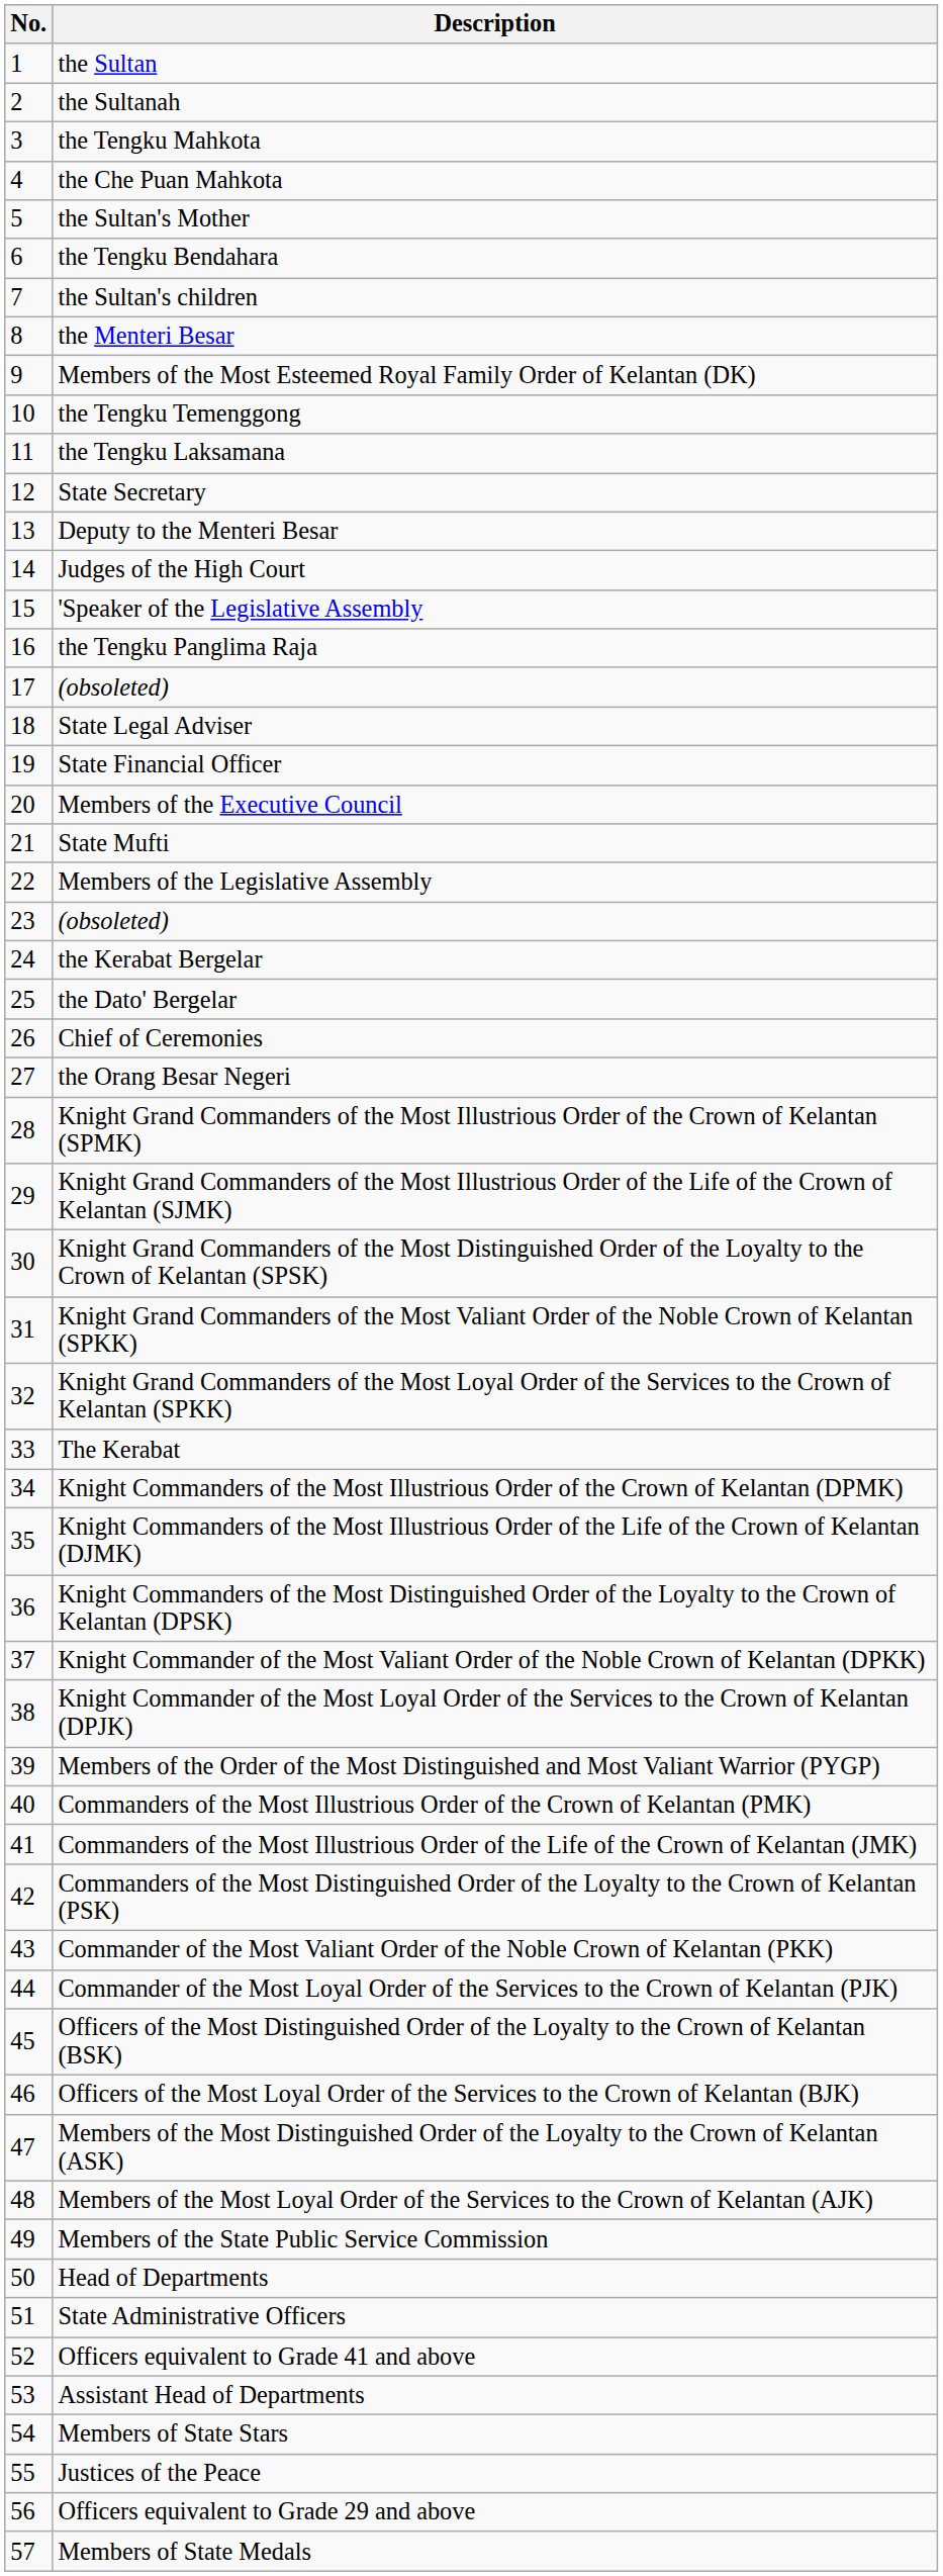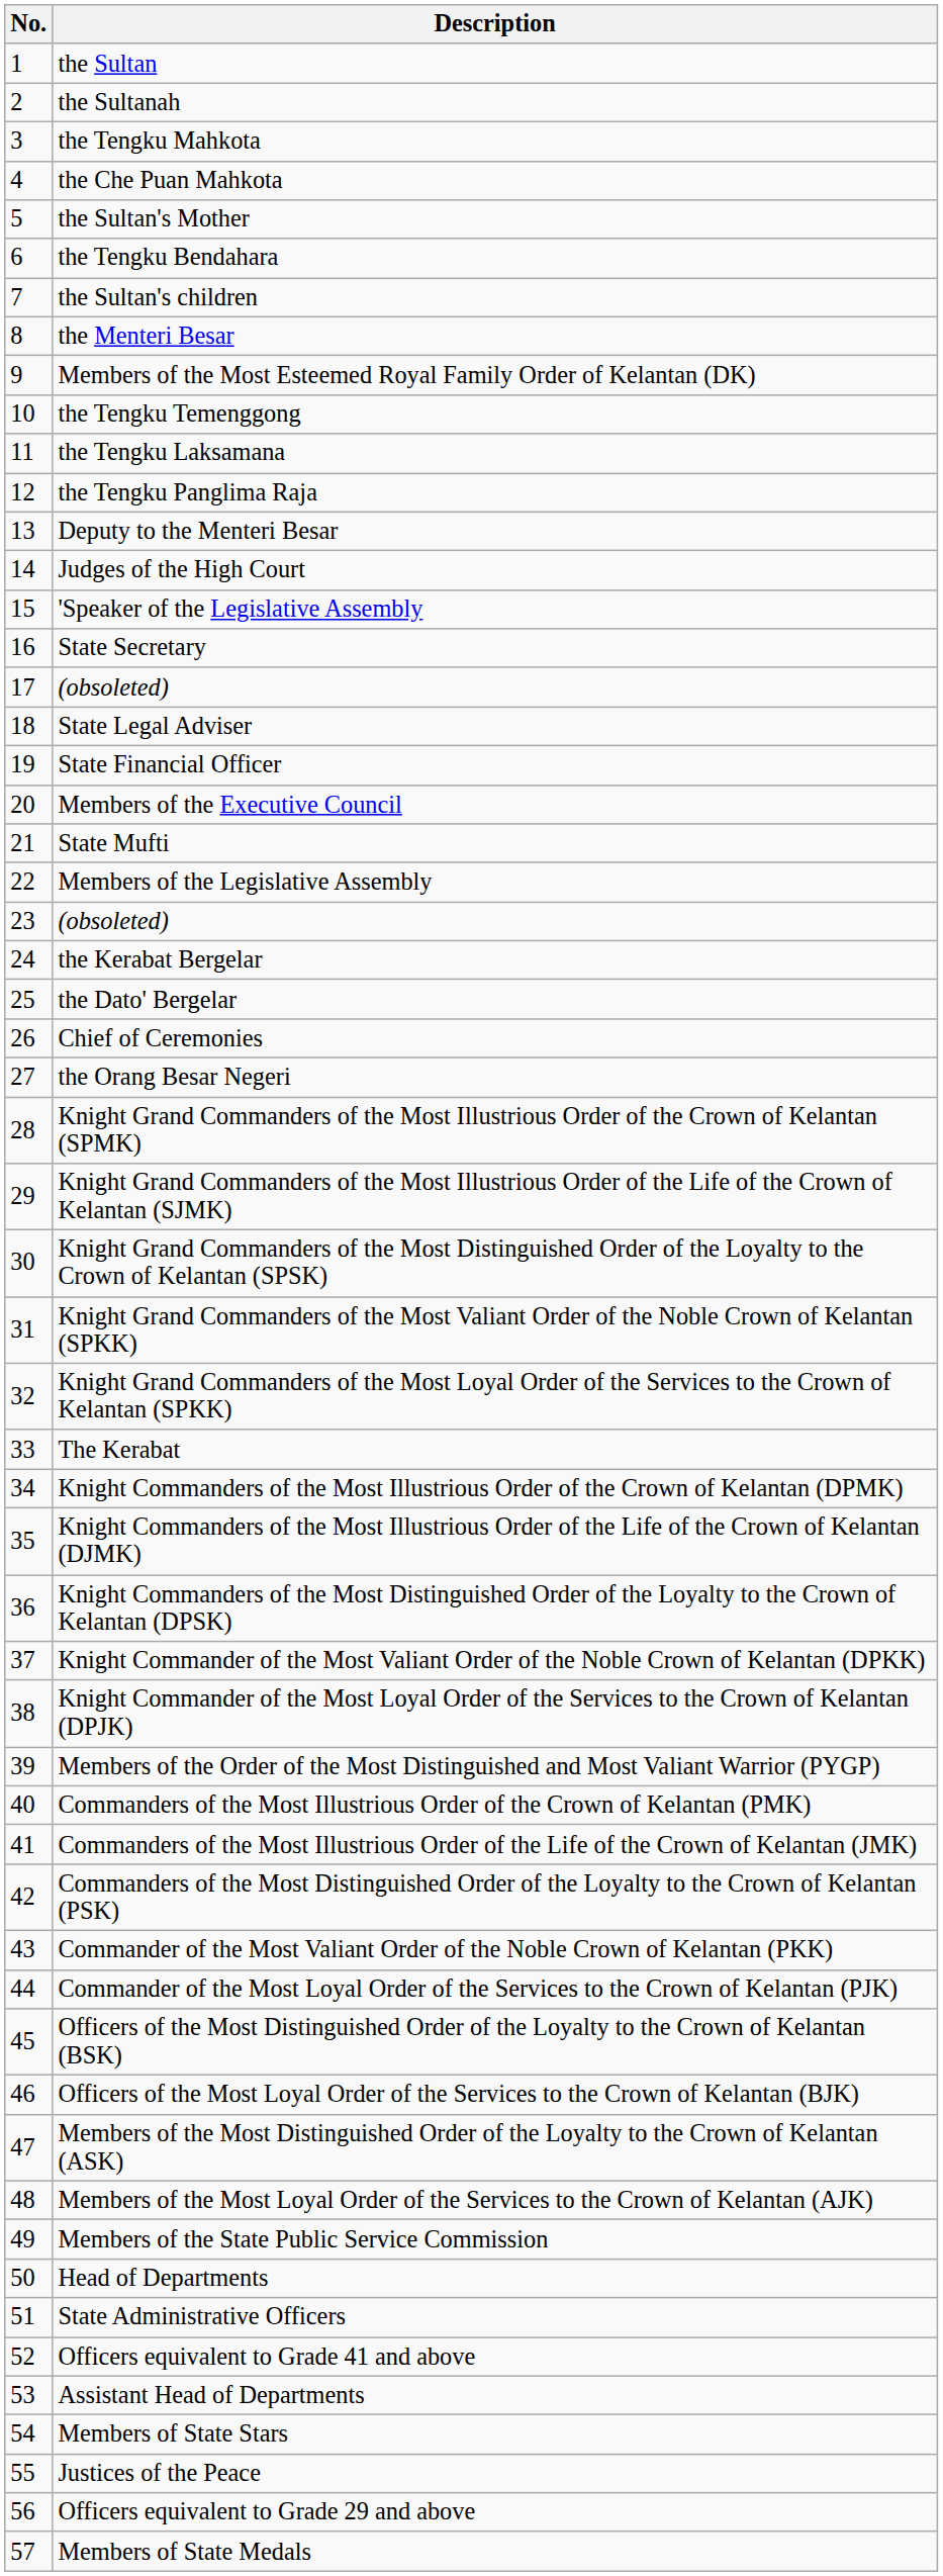 <table class="wikitable">
 <tr>
 <th>No.</th>
 <th>Description</th>
 </tr>
 <tr>
 <td>1</td>
 <td>the <a href='#'>Sultan</a></td>
 </tr>
 <tr>
 <td>2</td>
 <td>the Sultanah</td>
 </tr>
 <tr>
 <td>3</td>
 <td>the Tengku Mahkota</td>
 </tr>
 <tr>
 <td>4</td>
 <td>the Che Puan Mahkota</td>
 </tr>
 <tr>
 <td>5</td>
 <td>the Sultan's Mother</td>
 </tr>
 <tr>
 <td>6</td>
 <td>the Tengku Bendahara</td>
 </tr>
 <tr>
 <td>7</td>
 <td>the Sultan's children</td>
 </tr>
 <tr>
 <td>8</td>
 <td>the <a href='#'>Menteri Besar</a></td>
 </tr>
 <tr>
 <td>9</td>
 <td>Members of the Most Esteemed Royal Family Order of Kelantan (DK)</td>
 </tr>
 <tr>
 <td>10</td>
 <td>the Tengku Temenggong</td>
 </tr>
 <tr>
 <td>11</td>
 <td>the Tengku Laksamana</td>
 </tr>
 <tr>
 <td>12</td>
-<td>State Secretary</td>
+<td>the Tengku Panglima Raja</td>
 </tr>
 <tr>
 <td>13</td>
 <td>Deputy to the Menteri Besar</td>
 </tr>
 <tr>
 <td>14</td>
 <td>Judges of the High Court</td>
 </tr>
 <tr>
 <td>15</td>
 <td>'Speaker of the <a href='#'>Legislative Assembly</a></td>
 </tr>
 <tr>
 <td>16</td>
-<td>the Tengku Panglima Raja</td>
+<td>State Secretary</td>
 </tr>
 <tr>
 <td>17</td>
 <td><em>(obsoleted)</em></td>
 </tr>
 <tr>
 <td>18</td>
 <td>State Legal Adviser</td>
 </tr>
 <tr>
 <td>19</td>
 <td>State Financial Officer</td>
 </tr>
 <tr>
 <td>20</td>
 <td>Members of the <a href='#'>Executive Council</a></td>
 </tr>
 <tr>
 <td>21</td>
 <td>State Mufti</td>
 </tr>
 <tr>
 <td>22</td>
 <td>Members of the Legislative Assembly</td>
 </tr>
 <tr>
 <td>23</td>
 <td><em>(obsoleted)</em></td>
 </tr>
 <tr>
 <td>24</td>
 <td>the Kerabat Bergelar</td>
 </tr>
 <tr>
 <td>25</td>
 <td>the Dato' Bergelar</td>
 </tr>
 <tr>
 <td>26</td>
 <td>Chief of Ceremonies</td>
 </tr>
 <tr>
 <td>27</td>
 <td>the Orang Besar Negeri</td>
 </tr>
 <tr>
 <td>28</td>
 <td>Knight Grand Commanders of the Most Illustrious Order of the Crown of Kelantan (SPMK)</td>
 </tr>
 <tr>
 <td>29</td>
 <td>Knight Grand Commanders of the Most Illustrious Order of the Life of the Crown of Kelantan (SJMK)</td>
 </tr>
 <tr>
 <td>30</td>
 <td>Knight Grand Commanders of the Most Distinguished Order of the Loyalty to the Crown of Kelantan (SPSK)</td>
 </tr>
 <tr>
 <td>31</td>
 <td>Knight Grand Commanders of the Most Valiant Order of the Noble Crown of Kelantan (SPKK)</td>
 </tr>
 <tr>
 <td>32</td>
 <td>Knight Grand Commanders of the Most Loyal Order of the Services to the Crown of Kelantan (SPKK)</td>
 </tr>
 <tr>
 <td>33</td>
 <td>The Kerabat</td>
 </tr>
 <tr>
 <td>34</td>
 <td>Knight Commanders of the Most Illustrious Order of the Crown of Kelantan (DPMK)</td>
 </tr>
 <tr>
 <td>35</td>
 <td>Knight Commanders of the Most Illustrious Order of the Life of the Crown of Kelantan (DJMK)</td>
 </tr>
 <tr>
 <td>36</td>
 <td>Knight Commanders of the Most Distinguished Order of the Loyalty to the Crown of Kelantan (DPSK)</td>
 </tr>
 <tr>
 <td>37</td>
 <td>Knight Commander of the Most Valiant Order of the Noble Crown of Kelantan (DPKK)</td>
 </tr>
 <tr>
 <td>38</td>
 <td>Knight Commander of the Most Loyal Order of the Services to the Crown of Kelantan (DPJK)</td>
 </tr>
 <tr>
 <td>39</td>
 <td>Members of the Order of the Most Distinguished and Most Valiant Warrior (PYGP)</td>
 </tr>
 <tr>
 <td>40</td>
 <td>Commanders of the Most Illustrious Order of the Crown of Kelantan (PMK)</td>
 </tr>
 <tr>
 <td>41</td>
 <td>Commanders of the Most Illustrious Order of the Life of the Crown of Kelantan (JMK)</td>
 </tr>
 <tr>
 <td>42</td>
 <td>Commanders of the Most Distinguished Order of the Loyalty to the Crown of Kelantan (PSK)</td>
 </tr>
 <tr>
 <td>43</td>
 <td>Commander of the Most Valiant Order of the Noble Crown of Kelantan (PKK)</td>
 </tr>
 <tr>
 <td>44</td>
 <td>Commander of the Most Loyal Order of the Services to the Crown of Kelantan (PJK)</td>
 </tr>
 <tr>
 <td>45</td>
 <td>Officers of the Most Distinguished Order of the Loyalty to the Crown of Kelantan (BSK)</td>
 </tr>
 <tr>
 <td>46</td>
 <td>Officers of the Most Loyal Order of the Services to the Crown of Kelantan (BJK)</td>
 </tr>
 <tr>
 <td>47</td>
 <td>Members of the Most Distinguished Order of the Loyalty to the Crown of Kelantan (ASK)</td>
 </tr>
 <tr>
 <td>48</td>
 <td>Members of the Most Loyal Order of the Services to the Crown of Kelantan (AJK)</td>
 </tr>
 <tr>
 <td>49</td>
 <td>Members of the State Public Service Commission</td>
 </tr>
 <tr>
 <td>50</td>
 <td>Head of Departments</td>
 </tr>
 <tr>
 <td>51</td>
 <td>State Administrative Officers</td>
 </tr>
 <tr>
 <td>52</td>
 <td>Officers equivalent to Grade 41 and above</td>
 </tr>
 <tr>
 <td>53</td>
 <td>Assistant Head of Departments</td>
 </tr>
 <tr>
 <td>54</td>
 <td>Members of State Stars</td>
 </tr>
 <tr>
 <td>55</td>
 <td>Justices of the Peace</td>
 </tr>
 <tr>
 <td>56</td>
 <td>Officers equivalent to Grade 29 and above</td>
 </tr>
 <tr>
 <td>57</td>
 <td>Members of State Medals</td>
 </tr>
 </table>
